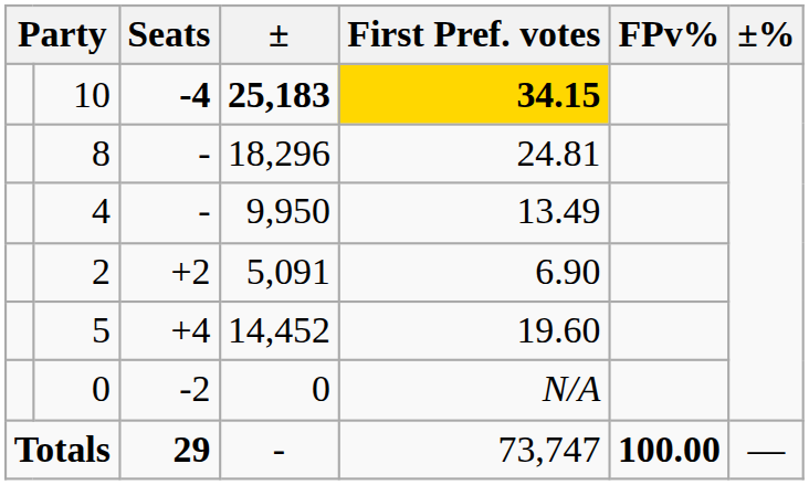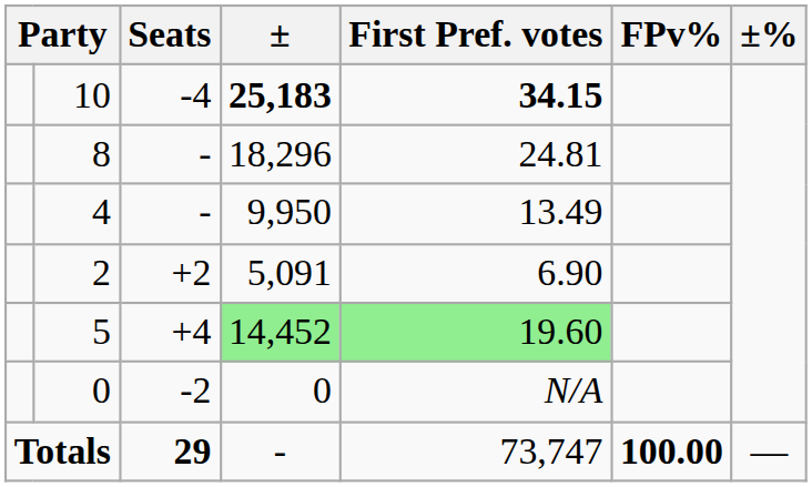 <table class=wikitable>
 <tr>
 <th colspan=2 align=center>Party</th>
 <th valign=top>Seats</th>
 <th valign=top>±</th>
 <th valign=top>First Pref. votes</th>
 <th valign=top>FPv%</th>
 <th valign=top>±%</th>
 </tr>
 <tr>
 <td></td>
 <td align=right>10</td>
-<td align=right><strong>-4</strong></td>
+<td align=right>-4</td>
 <td align=right><strong>25,183</strong></td>
-<td align=right style="background: gold;"><strong>34.15</strong></td>
+<td align=right><strong>34.15</strong></td>
 <td align=right></td>
 </tr>
 <tr>
 <td></td>
 <td align=right>8</td>
 <td align=right>-</td>
 <td align=right>18,296</td>
 <td align=right>24.81</td>
 <td align=right></td>
 </tr>
 <tr>
 <td></td>
 <td align=right>4</td>
 <td align=right>-</td>
 <td align=right>9,950</td>
 <td align=right>13.49</td>
 <td align=right></td>
 </tr>
 <tr>
 <td></td>
 <td align=right>2</td>
 <td align=right>+2</td>
 <td align=right>5,091</td>
 <td align=right>6.90</td>
 <td align=right></td>
 </tr>
 <tr>
 <td></td>
 <td align=right>5</td>
 <td align=right>+4</td>
-<td align=right>14,452</td>
-<td align=right>19.60</td>
+<td align=right style="background: lightgreen;">14,452</td>
+<td align=right style="background: lightgreen;">19.60</td>
 <td align=right></td>
 </tr>
 <tr>
 <td></td>
 <td align=right>0</td>
 <td align=right>-2</td>
 <td align=right>0</td>
 <td align=right><em>N/A</em></td>
 <td align=right></td>
 </tr>
 <tr>
 <td colspan=2 align=center><strong>Totals</strong></td>
 <td align=right><strong>29</strong></td>
 <td align=center>-</td>
 <td align=right>73,747</td>
 <td align=center><strong>100.00</strong></td>
 <td align=center>—</td>
 </tr>
 </table>
